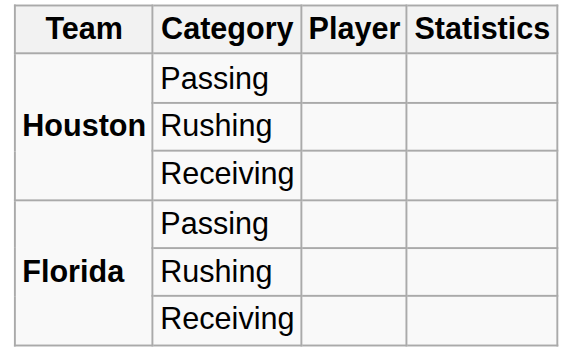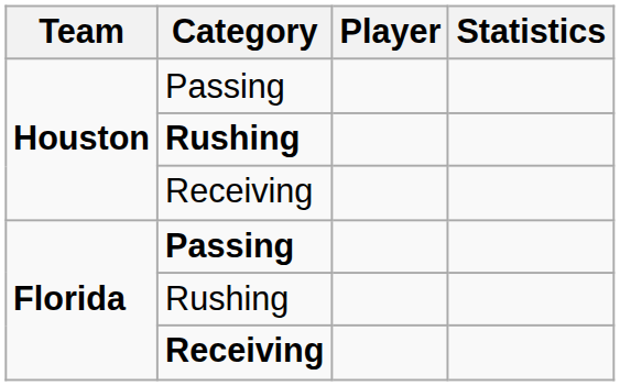 <table class="wikitable" style="float: right;">
 <tr>
 <th>Team</th>
 <th>Category</th>
 <th>Player</th>
 <th>Statistics</th>
 </tr>
 <tr>
 <td rowspan=3 !!><strong>Houston</strong></td>
 <td>Passing</td>
 <td></td>
 <td></td>
 </tr>
 <tr>
-<td>Rushing</td>
+<td><strong>Rushing</strong></td>
 <td></td>
 <td></td>
 </tr>
 <tr>
 <td>Receiving</td>
 <td></td>
 <td></td>
 </tr>
 <tr>
 <td rowspan=3 !!><strong>Florida</strong></td>
-<td>Passing</td>
+<td><strong>Passing</strong></td>
 <td></td>
 <td></td>
 </tr>
 <tr>
 <td>Rushing</td>
 <td></td>
 <td></td>
 </tr>
 <tr>
-<td>Receiving</td>
+<td><strong>Receiving</strong></td>
 <td></td>
 <td></td>
 </tr>
 </table>
